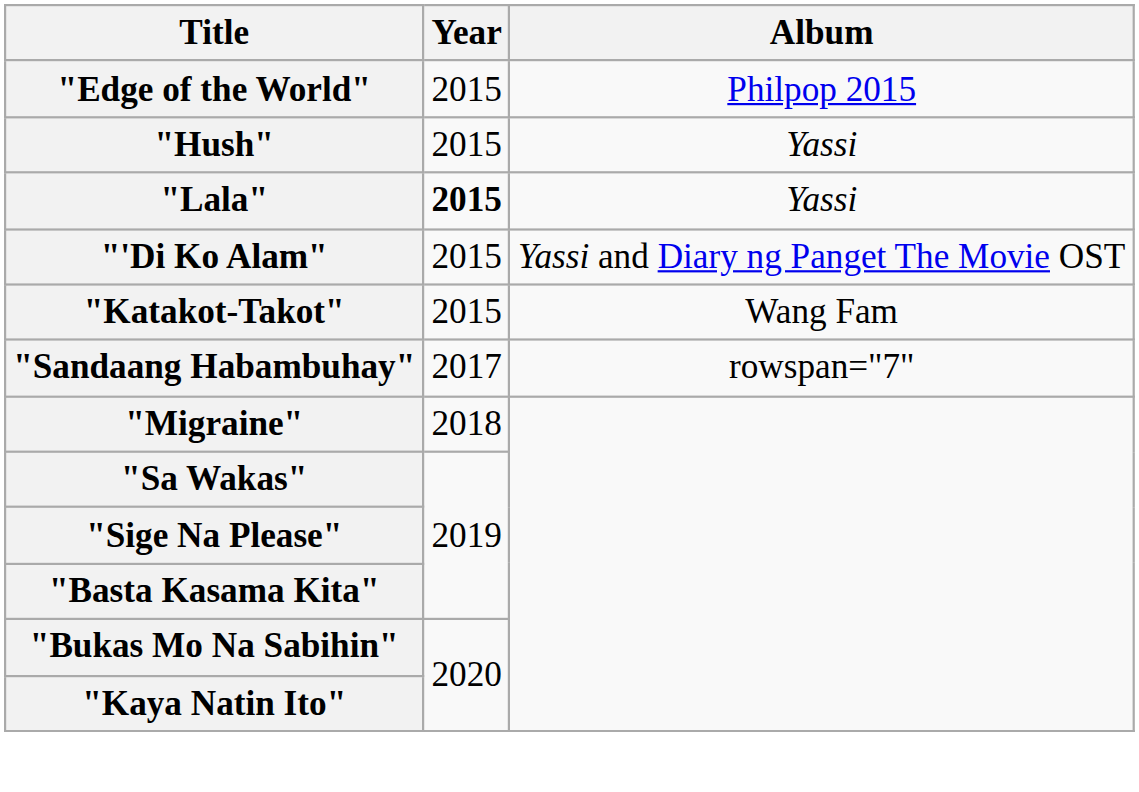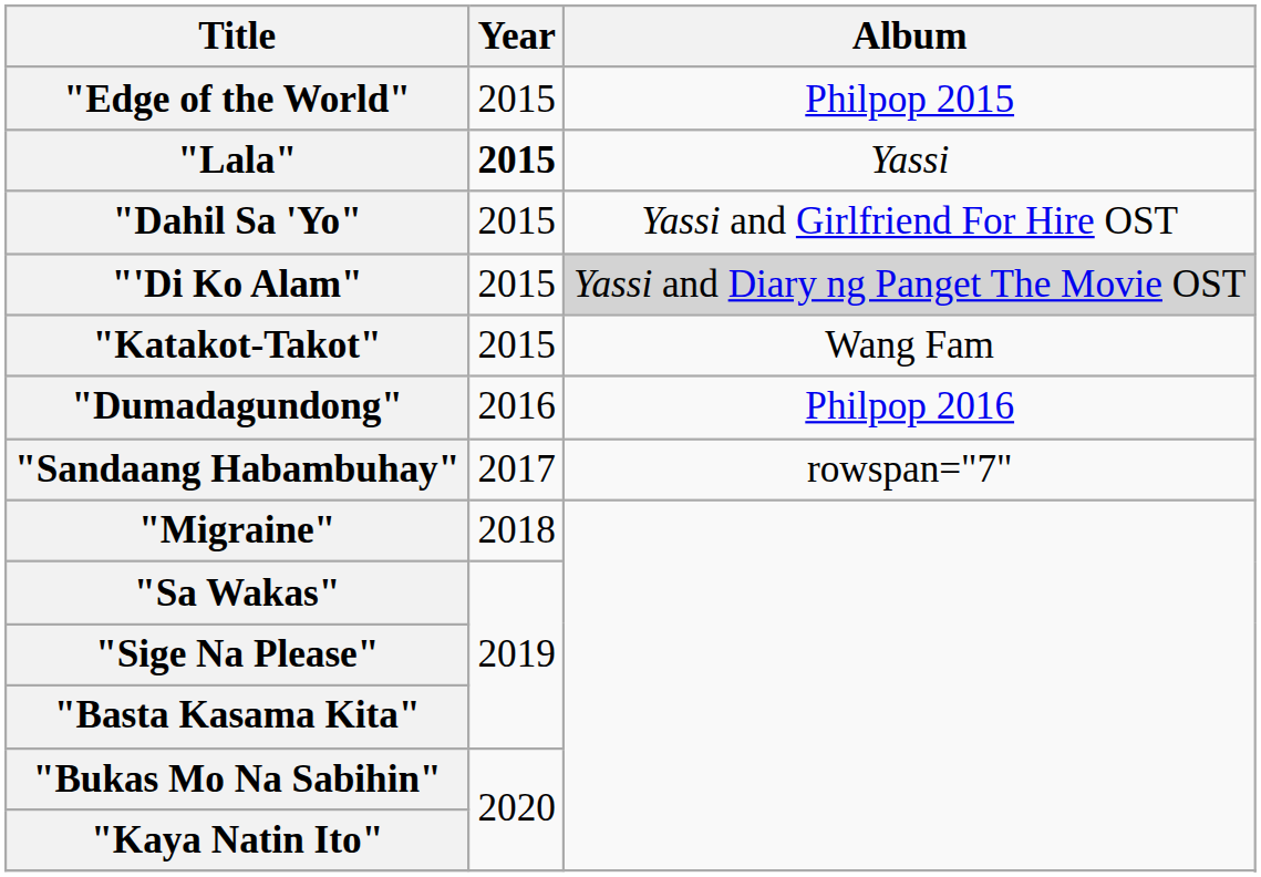 <table class="wikitable plainrowheaders" style="text-align:center;">
 <tr>
 <th>Title</th>
 <th>Year</th>
 <th>Album</th>
 </tr>
 <tr>
 <th scope="row">"Edge of the World" <br> </th>
 <td>2015</td>
 <td><a href='#'>Philpop 2015</a></td>
 </tr>
 <tr>
-<th scope="row">"Hush" <br> </th>
-<td>2015</td>
-<td><em>Yassi</em></td>
-</tr>
-<tr>
 <th scope="row">"Lala"</th>
 <td><strong>2015</strong></td>
 <td><em>Yassi</em></td>
 </tr>
 <tr>
+<th scope="row">"Dahil Sa 'Yo" <br> </th>
+<td>2015</td>
+<td><em>Yassi</em> and <a href='#'>Girlfriend For Hire</a> OST</td>
+</tr>
+<tr>
 <th scope="row">"'Di Ko Alam" <br> </th>
 <td>2015</td>
-<td><em>Yassi</em> and <a href='#'>Diary ng Panget The Movie</a> OST</td>
+<td style="background: lightgrey;"><em>Yassi</em> and <a href='#'>Diary ng Panget The Movie</a> OST</td>
 </tr>
 <tr>
 <th scope="row">"Katakot-Takot" <br> </th>
 <td>2015</td>
 <td>Wang Fam</td>
+</tr>
+<tr>
+<th scope="row">"Dumadagundong"</th>
+<td>2016</td>
+<td><a href='#'>Philpop 2016</a></td>
 </tr>
 <tr>
 <th scope="row">"Sandaang Habambuhay"</th>
 <td>2017</td>
 <td>rowspan="7" </td>
 </tr>
 <tr>
 <th scope="row">"Migraine"</th>
 <td>2018</td>
 </tr>
 <tr>
 <th scope="row">"Sa Wakas"</th>
 <td rowspan="3">2019</td>
 </tr>
 <tr>
 <th scope="row">"Sige Na Please"</th>
 </tr>
 <tr>
 <th scope="row">"Basta Kasama Kita"</th>
 </tr>
 <tr>
 <th scope="row">"Bukas Mo Na Sabihin"</th>
 <td rowspan="2">2020</td>
 </tr>
 <tr>
 <th scope="row">"Kaya Natin Ito"</th>
 </tr>
 <tr>
 </tr>
 </table>
